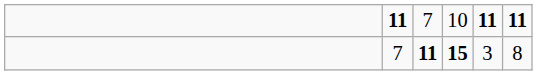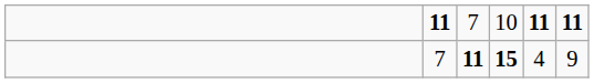 <table class="wikitable">
 <tr>
 <td style="width:18em"></td>
 <td align=center style="width:1em"><strong>11</strong></td>
 <td align=center style="width:1em">7</td>
 <td align=center style="width:1em">10</td>
 <td align=center style="width:1em"><strong>11</strong></td>
 <td align=center style="width:1em"><strong>11</strong></td>
 </tr>
 <tr>
 <td style="width:18em"></td>
 <td align=center style="width:1em">7</td>
 <td align=center style="width:1em"><strong>11</strong></td>
 <td align=center style="width:1em"><strong>15</strong></td>
-<td align=center style="width:1em">3</td>
-<td align=center style="width:1em">8</td>
+<td align=center style="width:1em">4</td>
+<td align=center style="width:1em">9</td>
 </tr>
 </table>
